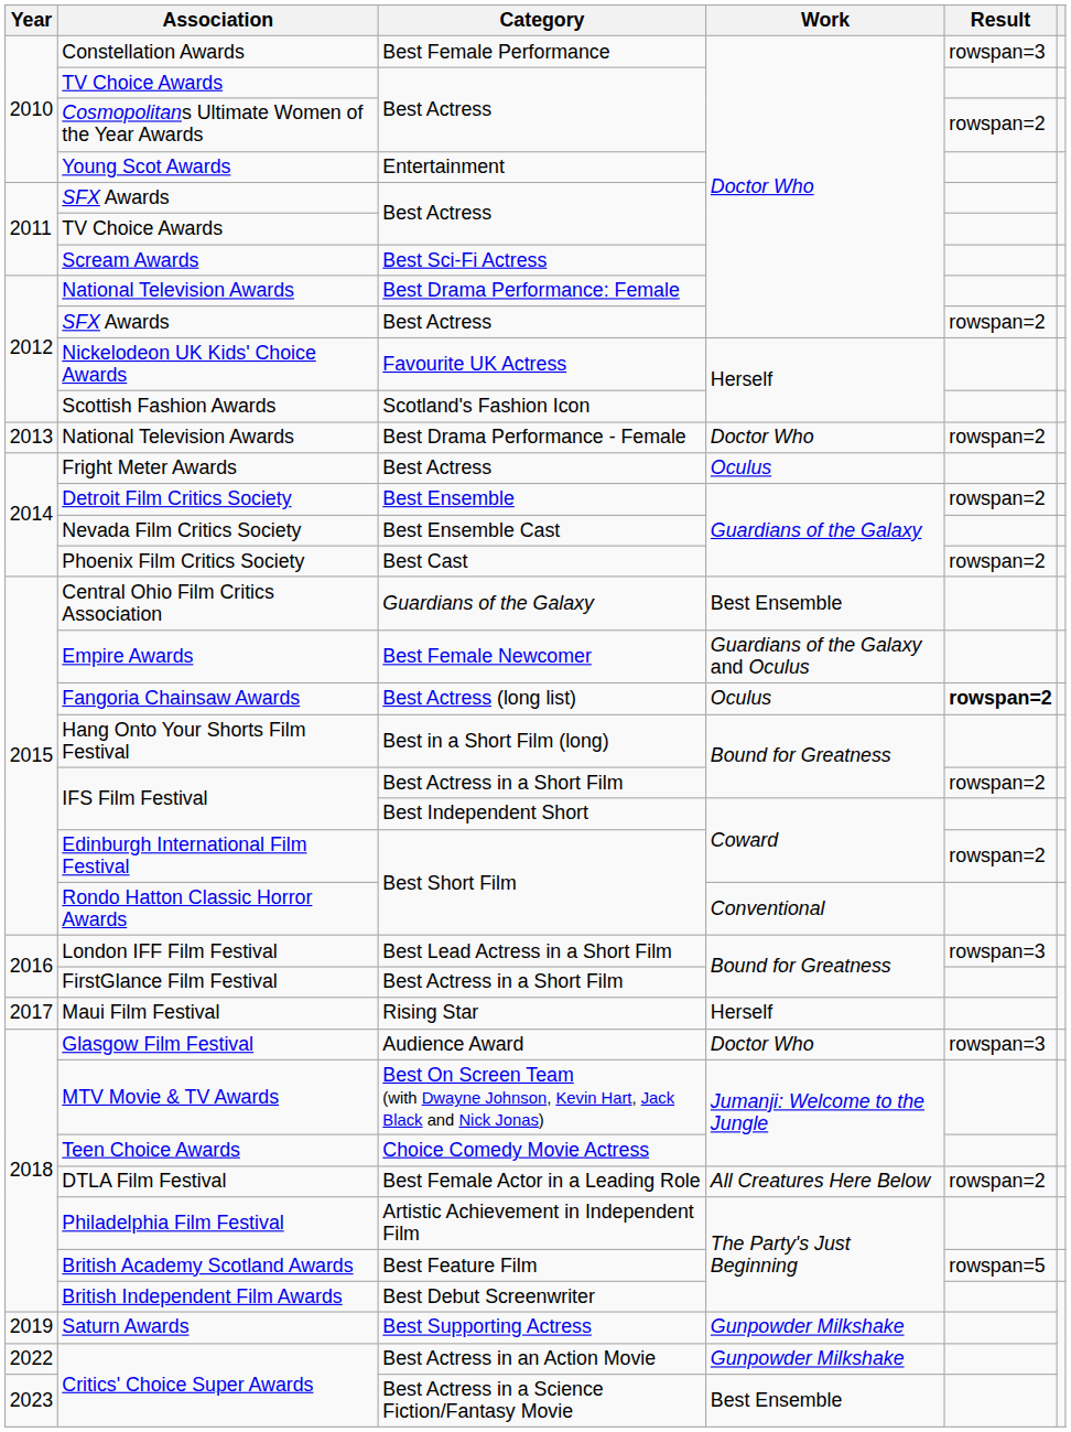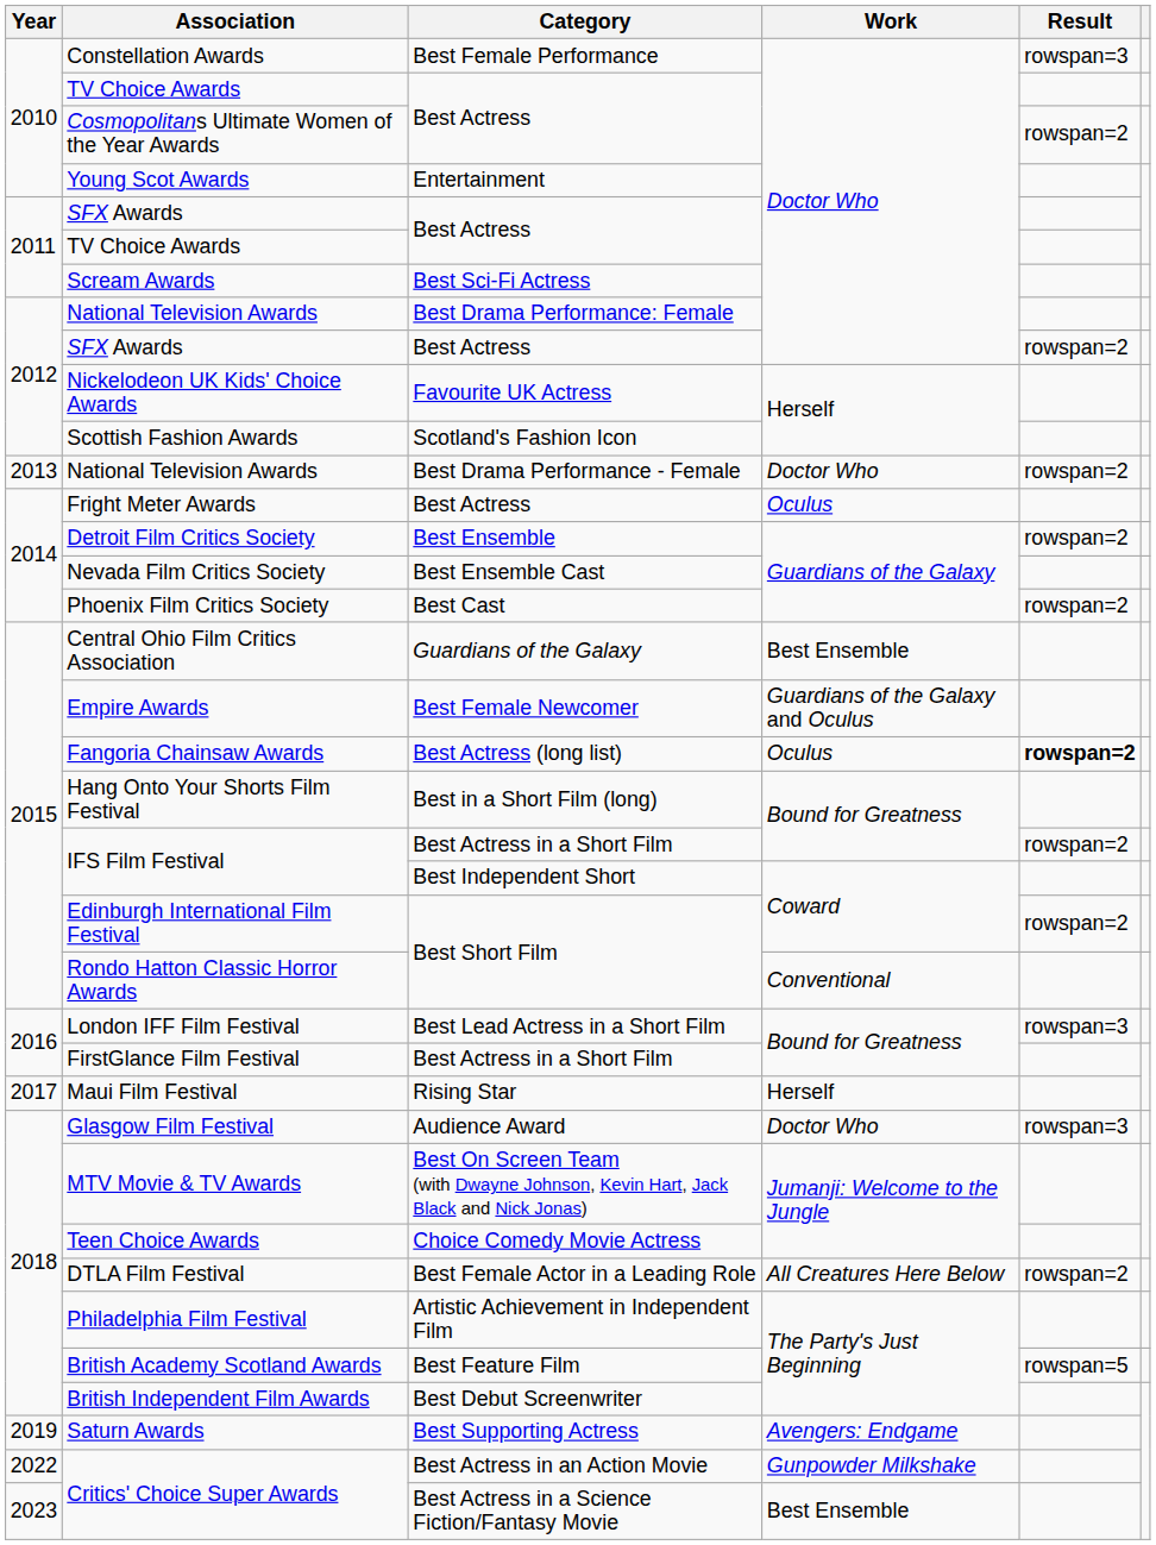 <table class="wikitable sortable">
 <tr>
 <th>Year</th>
 <th>Association</th>
 <th>Category</th>
 <th>Work</th>
 <th>Result</th>
 <th class="unsortable"></th>
 </tr>
 <tr>
 <td rowspan=4>2010</td>
 <td>Constellation Awards</td>
 <td>Best Female Performance</td>
 <td rowspan=9><em><a href='#'>Doctor Who</a></em></td>
 <td>rowspan=3 </td>
 <td style="text-align:center;"></td>
 </tr>
 <tr>
 <td><a href='#'>TV Choice Awards</a></td>
 <td rowspan=2>Best Actress</td>
 <td style="text-align:center;"></td>
 </tr>
 <tr>
 <td><em><a href='#'>Cosmopolitan</a></em>s Ultimate Women of the Year Awards</td>
 <td>rowspan=2 </td>
 <td style="text-align:center;"></td>
 </tr>
 <tr>
 <td><a href='#'>Young Scot Awards</a></td>
 <td>Entertainment</td>
 <td style="text-align:center;"></td>
 </tr>
 <tr>
 <td rowspan=3>2011</td>
 <td><em><a href='#'>SFX</a></em> Awards</td>
 <td rowspan=2>Best Actress</td>
 <td style="text-align:center;"></td>
 </tr>
 <tr>
 <td>TV Choice Awards</td>
 <td style="text-align:center;"></td>
 </tr>
 <tr>
 <td><a href='#'>Scream Awards</a></td>
 <td><a href='#'>Best Sci-Fi Actress</a></td>
 <td></td>
 <td style="text-align:center;"></td>
 </tr>
 <tr>
 <td rowspan=4>2012</td>
 <td><a href='#'>National Television Awards</a></td>
 <td><a href='#'>Best Drama Performance: Female</a></td>
 <td></td>
 <td style="text-align:center;"></td>
 </tr>
 <tr>
 <td><em><a href='#'>SFX</a></em> Awards</td>
 <td>Best Actress</td>
 <td>rowspan=2 </td>
 <td style="text-align:center;"></td>
 </tr>
 <tr>
 <td><a href='#'>Nickelodeon UK Kids' Choice Awards</a></td>
 <td><a href='#'>Favourite UK Actress</a></td>
 <td rowspan=2>Herself</td>
 <td style="text-align:center;"></td>
 </tr>
 <tr>
 <td>Scottish Fashion Awards</td>
 <td>Scotland's Fashion Icon</td>
 <td></td>
 <td style="text-align:center;"></td>
 </tr>
 <tr>
 <td>2013</td>
 <td>National Television Awards</td>
 <td>Best Drama Performance - Female</td>
 <td><em>Doctor Who</em></td>
 <td>rowspan=2 </td>
 <td style="text-align:center;"></td>
 </tr>
 <tr>
 <td rowspan=4>2014</td>
 <td>Fright Meter Awards</td>
 <td>Best Actress</td>
 <td><em><a href='#'>Oculus</a></em></td>
 <td style="text-align:center;"></td>
 </tr>
 <tr>
 <td><a href='#'>Detroit Film Critics Society</a></td>
 <td><a href='#'>Best Ensemble</a></td>
 <td rowspan=3><em><a href='#'>Guardians of the Galaxy</a></em></td>
 <td>rowspan=2 </td>
 <td style="text-align:center;"></td>
 </tr>
 <tr>
 <td>Nevada Film Critics Society</td>
 <td>Best Ensemble Cast</td>
 <td style="text-align:center;"></td>
 </tr>
 <tr>
 <td>Phoenix Film Critics Society</td>
 <td>Best Cast</td>
 <td>rowspan=2 </td>
 <td style="text-align:center;"></td>
 </tr>
 <tr>
 <td rowspan=8>2015</td>
 <td>Central Ohio Film Critics Association</td>
 <td><em>Guardians of the Galaxy</em></td>
 <td>Best Ensemble</td>
 <td style="text-align:center;"></td>
 </tr>
 <tr>
 <td><a href='#'>Empire Awards</a></td>
 <td><a href='#'>Best Female Newcomer</a></td>
 <td><em>Guardians of the Galaxy</em> and <em>Oculus</em></td>
 <td></td>
 <td style="text-align:center;"></td>
 </tr>
 <tr>
 <td><a href='#'>Fangoria Chainsaw Awards</a></td>
 <td><a href='#'>Best Actress</a> (long list)</td>
 <td><em>Oculus</em></td>
 <td><strong>rowspan=2 </strong></td>
 <td style="text-align:center;"></td>
 </tr>
 <tr>
 <td>Hang Onto Your Shorts Film Festival</td>
 <td>Best in a Short Film (long)</td>
 <td rowspan=2><em>Bound for Greatness</em></td>
 <td style="text-align:center;"></td>
 </tr>
 <tr>
 <td rowspan=2>IFS Film Festival</td>
 <td>Best Actress in a Short Film</td>
 <td>rowspan=2 </td>
 <td style="text-align:center;"></td>
 </tr>
 <tr>
 <td>Best Independent Short</td>
 <td rowspan=2><em>Coward</em></td>
 <td style="text-align:center;"></td>
 </tr>
 <tr>
 <td><a href='#'>Edinburgh International Film Festival</a></td>
 <td rowspan=2>Best Short Film</td>
 <td>rowspan=2 </td>
 <td style="text-align:center;"></td>
 </tr>
 <tr>
 <td><a href='#'>Rondo Hatton Classic Horror Awards</a></td>
 <td><em>Conventional</em></td>
 <td style="text-align:center;"></td>
 </tr>
 <tr>
 <td rowspan=2>2016</td>
 <td>London IFF Film Festival</td>
 <td>Best Lead Actress in a Short Film</td>
 <td rowspan=2><em>Bound for Greatness</em></td>
 <td>rowspan=3 </td>
 <td style="text-align:center;"></td>
 </tr>
 <tr>
 <td>FirstGlance Film Festival</td>
 <td>Best Actress in a Short Film</td>
 <td style="text-align:center;"></td>
 </tr>
 <tr>
 <td>2017</td>
 <td>Maui Film Festival</td>
 <td>Rising Star</td>
 <td>Herself</td>
 <td style="text-align:center;"></td>
 </tr>
 <tr>
 <td rowspan=7>2018</td>
 <td><a href='#'>Glasgow Film Festival</a></td>
 <td>Audience Award</td>
 <td><em>Doctor Who</em></td>
 <td>rowspan=3 </td>
 <td style="text-align:center;"></td>
 </tr>
 <tr>
 <td><a href='#'>MTV Movie & TV Awards</a></td>
 <td><a href='#'>Best On Screen Team</a> <br> <small>(with <a href='#'>Dwayne Johnson</a>, <a href='#'>Kevin Hart</a>, <a href='#'>Jack Black</a> and <a href='#'>Nick Jonas</a>)</small></td>
 <td rowspan=2><em><a href='#'>Jumanji: Welcome to the Jungle</a></em></td>
 <td style="text-align:center;"></td>
 </tr>
 <tr>
 <td><a href='#'>Teen Choice Awards</a></td>
 <td><a href='#'>Choice Comedy Movie Actress</a></td>
 <td style="text-align:center;"></td>
 </tr>
 <tr>
 <td>DTLA Film Festival</td>
 <td>Best Female Actor in a Leading Role</td>
 <td><em>All Creatures Here Below</em></td>
 <td>rowspan=2 </td>
 <td style="text-align:center;"></td>
 </tr>
 <tr>
 <td><a href='#'>Philadelphia Film Festival</a></td>
 <td>Artistic Achievement in Independent Film</td>
 <td rowspan=3><em>The Party's Just Beginning</em></td>
 <td style="text-align:center;"></td>
 </tr>
 <tr>
 <td><a href='#'>British Academy Scotland Awards</a></td>
 <td>Best Feature Film</td>
 <td>rowspan=5 </td>
 <td style="text-align:center;"></td>
 </tr>
 <tr>
 <td><a href='#'>British Independent Film Awards</a></td>
 <td>Best Debut Screenwriter</td>
 <td style="text-align:center;"></td>
 </tr>
 <tr>
 <td>2019</td>
 <td><a href='#'>Saturn Awards</a></td>
 <td><a href='#'>Best Supporting Actress</a></td>
-<td><em><a href='#'>Gunpowder Milkshake</a></em></td>
+<td><em><a href='#'>Avengers: Endgame</a></em></td>
 <td style="text-align:center;"></td>
 </tr>
 <tr>
 <td>2022</td>
 <td rowspan=2><a href='#'>Critics' Choice Super Awards</a></td>
 <td>Best Actress in an Action Movie</td>
 <td><em><a href='#'>Gunpowder Milkshake</a></em></td>
 <td style="text-align:center;"></td>
 </tr>
 <tr>
 <td>2023</td>
 <td>Best Actress in a Science Fiction/Fantasy Movie</td>
 <td>Best Ensemble</td>
 <td></td>
 </tr>
 </table>
